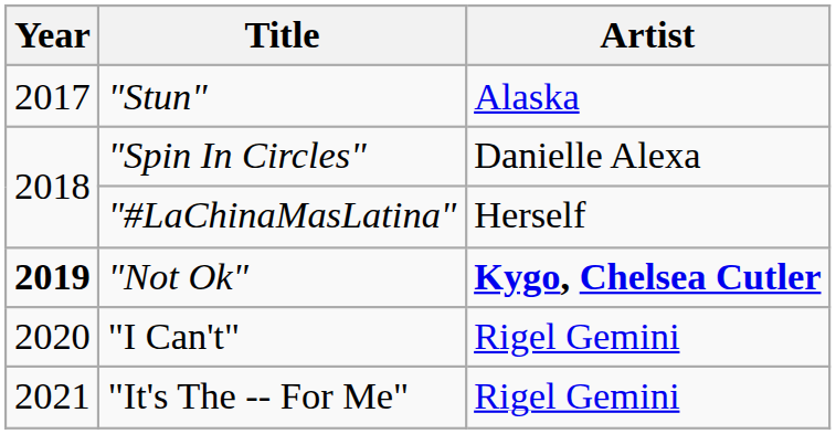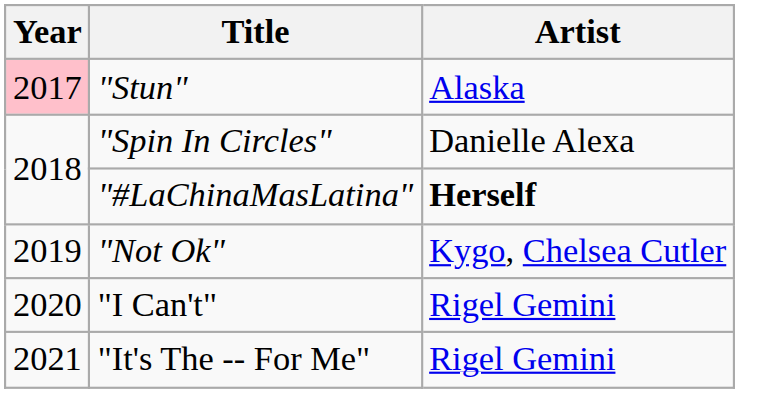 <table class="wikitable">
 <tr>
 <th>Year</th>
 <th>Title</th>
 <th>Artist</th>
 </tr>
 <tr>
-<td>2017</td>
+<td style="background: pink;">2017</td>
 <td><em>"Stun"</em></td>
 <td><a href='#'>Alaska</a></td>
 </tr>
 <tr>
 <td rowspan="2">2018</td>
 <td><em>"Spin In Circles"</em></td>
 <td>Danielle Alexa</td>
 </tr>
 <tr>
 <td><em>"#LaChinaMasLatina"</em></td>
-<td>Herself</td>
+<td><strong>Herself</strong></td>
 </tr>
 <tr>
-<td><strong>2019</strong></td>
+<td>2019</td>
 <td><em>"Not Ok"</em></td>
-<td><strong><a href='#'>Kygo</a>, <a href='#'>Chelsea Cutler</a></strong></td>
+<td><a href='#'>Kygo</a>, <a href='#'>Chelsea Cutler</a></td>
 </tr>
 <tr>
 <td>2020</td>
 <td>"I Can't"</td>
 <td><a href='#'>Rigel Gemini</a></td>
 </tr>
 <tr>
 <td>2021</td>
 <td>"It's The -- For Me"</td>
 <td><a href='#'>Rigel Gemini</a></td>
 </tr>
 </table>
